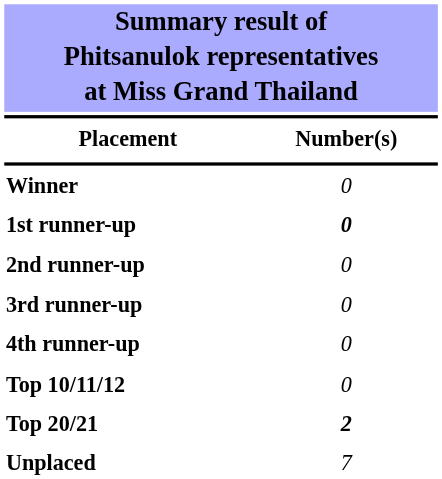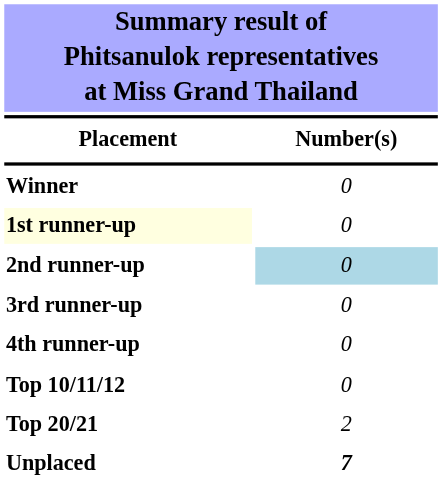 <table style="width: 270px; font-size:85%; line-height:1.5em;">
 <tr>
 <th colspan="2" align="center" style="background:#AAF;"><big>Summary result of<br>Phitsanulok representatives<br>at Miss Grand Thailand</big></th>
 </tr>
 <tr>
 <td colspan="2" style="background:black"></td>
 </tr>
 <tr>
 <th scope="col">Placement</th>
 <th scope="col">Number(s)</th>
 </tr>
 <tr>
 <td colspan="2" style="background:black"></td>
 </tr>
 <tr>
 <td align="left"><strong>Winner</strong></td>
 <td align="center"><em>0</em></td>
 </tr>
 <tr>
-<td align="left"><strong>1st runner-up</strong></td>
-<td align="center"><strong><em>0</em></strong></td>
+<td align="left" style="background: lightyellow;"><strong>1st runner-up</strong></td>
+<td align="center"><em>0</em></td>
 </tr>
 <tr>
 <td align="left"><strong>2nd runner-up</strong></td>
-<td align="center"><em>0</em></td>
+<td align="center" style="background: lightblue;"><em>0</em></td>
 </tr>
 <tr>
 <td align="left"><strong>3rd runner-up</strong></td>
 <td align="center"><em>0</em></td>
 </tr>
 <tr>
 <td align="left"><strong>4th runner-up</strong></td>
 <td align="center"><em>0</em></td>
 </tr>
 <tr>
 <td align="left"><strong>Top 10/11/12</strong></td>
 <td align="center"><em>0</em></td>
 </tr>
 <tr>
 <td align="left"><strong>Top 20/21</strong></td>
-<td align="center"><strong><em>2</em></strong></td>
+<td align="center"><em>2</em></td>
 </tr>
 <tr>
 <td align="left"><strong>Unplaced</strong></td>
-<td align="center"><em>7</em></td>
+<td align="center"><strong><em>7</em></strong></td>
 </tr>
 </table>
